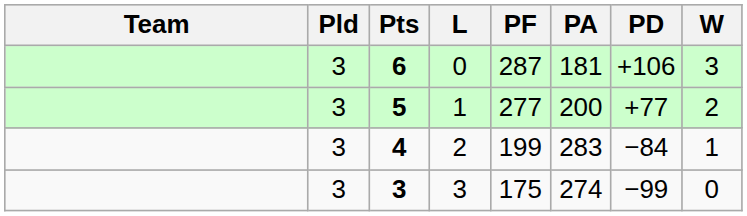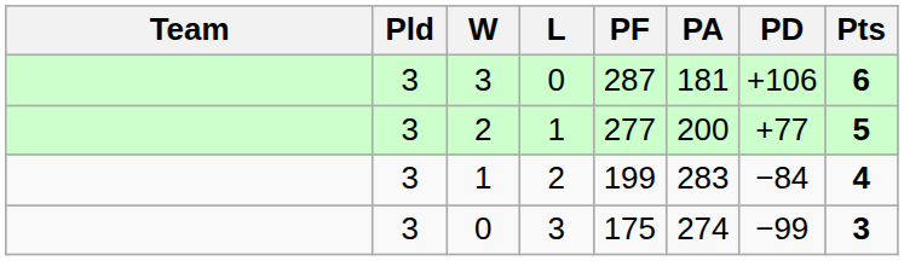 <table class=wikitable style="text-align:center">
 <tr>
 <th width=180>Team</th>
 <th width=30>Pld</th>
-<th width=30>Pts</th>
+<th width=30>W</th>
 <th width=30>L</th>
 <th width=30>PF</th>
 <th width=30>PA</th>
 <th width=30>PD</th>
-<th width=30>W</th>
+<th width=30>Pts</th>
 </tr>
 <tr bgcolor="#ccffcc">
 <td align="left"></td>
 <td>3</td>
-<td><strong>6</strong></td>
+<td>3</td>
 <td>0</td>
 <td>287</td>
 <td>181</td>
 <td>+106</td>
-<td>3</td>
+<td><strong>6</strong></td>
 </tr>
 <tr bgcolor="#ccffcc">
 <td align="left"></td>
 <td>3</td>
-<td><strong>5</strong></td>
+<td>2</td>
 <td>1</td>
 <td>277</td>
 <td>200</td>
 <td>+77</td>
-<td>2</td>
+<td><strong>5</strong></td>
 </tr>
 <tr>
 <td align="left"></td>
 <td>3</td>
-<td><strong>4</strong></td>
+<td>1</td>
 <td>2</td>
 <td>199</td>
 <td>283</td>
 <td>−84</td>
-<td>1</td>
+<td><strong>4</strong></td>
 </tr>
 <tr>
 <td align="left"></td>
 <td>3</td>
-<td><strong>3</strong></td>
+<td>0</td>
 <td>3</td>
 <td>175</td>
 <td>274</td>
 <td>−99</td>
-<td>0</td>
+<td><strong>3</strong></td>
 </tr>
 </table>
